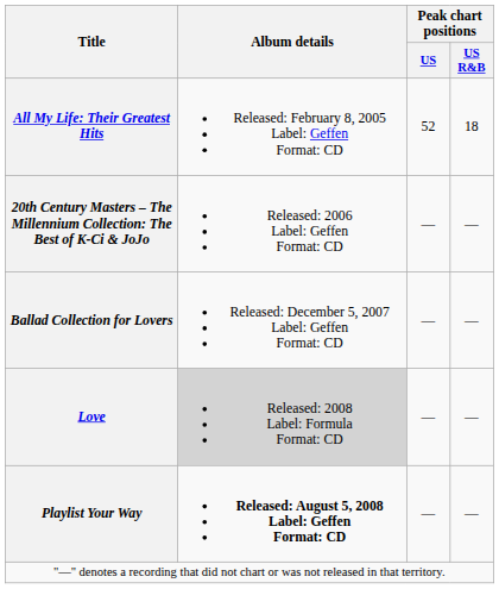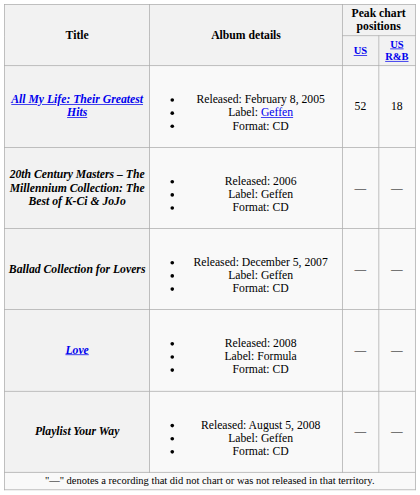 <table class="wikitable plainrowheaders" style="text-align:center;">
 <tr>
 <th scope="col" rowspan="2" style="width:12em;">Title</th>
 <th scope="col" rowspan="2" style="width:16em;">Album details</th>
 <th scope="col" colspan="2">Peak chart positions</th>
 </tr>
 <tr>
 <th scope="col" style="width:3em;font-size:90%;"><a href='#'>US</a><br></th>
 <th scope="col" style="width:3em;font-size:90%;"><a href='#'>US R&B</a><br></th>
 </tr>
 <tr>
 <th scope="row"><em><a href='#'>All My Life: Their Greatest Hits</a></em></th>
 <td><br><ul><li>Released: February 8, 2005</li><li>Label: <a href='#'>Geffen</a></li><li>Format: CD</li></ul></td>
 <td>52</td>
 <td>18</td>
 </tr>
 <tr>
 <th scope="row"><em>20th Century Masters – The Millennium Collection: The Best of K-Ci & JoJo</em></th>
 <td><br><ul><li>Released: 2006</li><li>Label: Geffen</li><li>Format: CD</li></ul></td>
 <td>—</td>
 <td>—</td>
 </tr>
 <tr>
 <th scope="row"><em>Ballad Collection for Lovers</em></th>
 <td><br><ul><li>Released: December 5, 2007</li><li>Label: Geffen</li><li>Format: CD</li></ul></td>
 <td>—</td>
 <td>—</td>
 </tr>
 <tr>
 <th scope="row"><em><a href='#'>Love</a></em></th>
-<td style="background: lightgrey;"><br><ul><li>Released: 2008</li><li>Label: Formula</li><li>Format: CD</li></ul></td>
+<td><br><ul><li>Released: 2008</li><li>Label: Formula</li><li>Format: CD</li></ul></td>
 <td>—</td>
 <td>—</td>
 </tr>
 <tr>
 <th scope="row"><em>Playlist Your Way</em></th>
-<td><strong><br><ul><li>Released: August 5, 2008</li><li>Label: Geffen</li><li>Format: CD</li></ul></strong></td>
+<td><br><ul><li>Released: August 5, 2008</li><li>Label: Geffen</li><li>Format: CD</li></ul></td>
 <td>—</td>
 <td>—</td>
 </tr>
 <tr>
 <td colspan="11" style="font-size:90%">"—" denotes a recording that did not chart or was not released in that territory.</td>
 </tr>
 </table>
